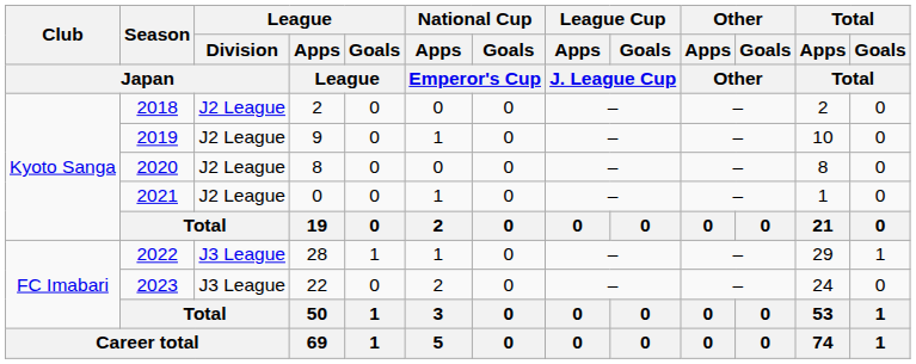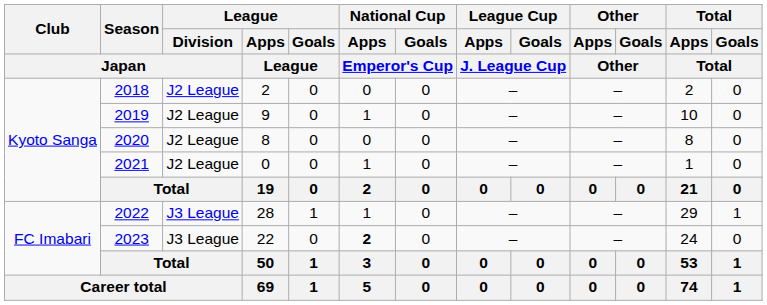 <table class="wikitable" style="text-align: center">
 <tr>
 <th rowspan="2">Club</th>
 <th rowspan="2">Season</th>
 <th colspan="3">League</th>
 <th colspan="2">National Cup</th>
 <th colspan="2">League Cup</th>
 <th colspan="2">Other</th>
 <th colspan="2">Total</th>
 </tr>
 <tr>
 <th>Division</th>
 <th>Apps</th>
 <th>Goals</th>
 <th>Apps</th>
 <th>Goals</th>
 <th>Apps</th>
 <th>Goals</th>
 <th>Apps</th>
 <th>Goals</th>
 <th>Apps</th>
 <th>Goals</th>
 </tr>
 <tr>
 <th colspan=3>Japan</th>
 <th colspan=2>League</th>
 <th colspan=2><a href='#'>Emperor's Cup</a></th>
 <th colspan=2><a href='#'>J. League Cup</a></th>
 <th colspan=2>Other</th>
 <th colspan=2>Total</th>
 </tr>
 <tr>
 <td rowspan="5"><a href='#'>Kyoto Sanga</a></td>
 <td><a href='#'>2018</a></td>
 <td><a href='#'>J2 League</a></td>
 <td>2</td>
 <td>0</td>
 <td>0</td>
 <td>0</td>
 <td colspan="2">–</td>
 <td colspan="2">–</td>
 <td>2</td>
 <td>0</td>
 </tr>
 <tr>
 <td><a href='#'>2019</a></td>
 <td>J2 League</td>
 <td>9</td>
 <td>0</td>
 <td>1</td>
 <td>0</td>
 <td colspan="2">–</td>
 <td colspan="2">–</td>
 <td>10</td>
 <td>0</td>
 </tr>
 <tr>
 <td><a href='#'>2020</a></td>
 <td>J2 League</td>
 <td>8</td>
 <td>0</td>
 <td>0</td>
 <td>0</td>
 <td colspan="2">–</td>
 <td colspan="2">–</td>
 <td>8</td>
 <td>0</td>
 </tr>
 <tr>
 <td><a href='#'>2021</a></td>
 <td>J2 League</td>
 <td>0</td>
 <td>0</td>
 <td>1</td>
 <td>0</td>
 <td colspan="2">–</td>
 <td colspan="2">–</td>
 <td>1</td>
 <td>0</td>
 </tr>
 <tr>
 <th colspan="2">Total</th>
 <th>19</th>
 <th>0</th>
 <th>2</th>
 <th>0</th>
 <th>0</th>
 <th>0</th>
 <th>0</th>
 <th>0</th>
 <th>21</th>
 <th>0</th>
 </tr>
 <tr>
 <td rowspan="3"><a href='#'>FC Imabari</a></td>
 <td><a href='#'>2022</a></td>
 <td><a href='#'>J3 League</a></td>
 <td>28</td>
 <td>1</td>
 <td>1</td>
 <td>0</td>
 <td colspan="2">–</td>
 <td colspan="2">–</td>
 <td>29</td>
 <td>1</td>
 </tr>
 <tr>
 <td><a href='#'>2023</a></td>
 <td>J3 League</td>
 <td>22</td>
 <td>0</td>
-<td>2</td>
+<td><strong>2</strong></td>
 <td>0</td>
 <td colspan="2">–</td>
 <td colspan="2">–</td>
 <td>24</td>
 <td>0</td>
 </tr>
 <tr>
 <th colspan="2">Total</th>
 <th>50</th>
 <th>1</th>
 <th>3</th>
 <th>0</th>
 <th>0</th>
 <th>0</th>
 <th>0</th>
 <th>0</th>
 <th>53</th>
 <th>1</th>
 </tr>
 <tr>
 <th colspan="3">Career total</th>
 <th>69</th>
 <th>1</th>
 <th>5</th>
 <th>0</th>
 <th>0</th>
 <th>0</th>
 <th>0</th>
 <th>0</th>
 <th>74</th>
 <th>1</th>
 </tr>
 </table>
